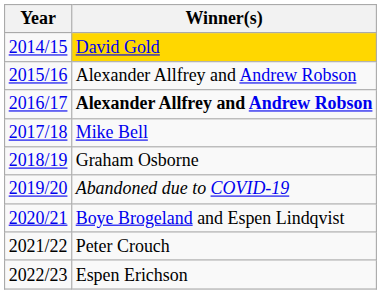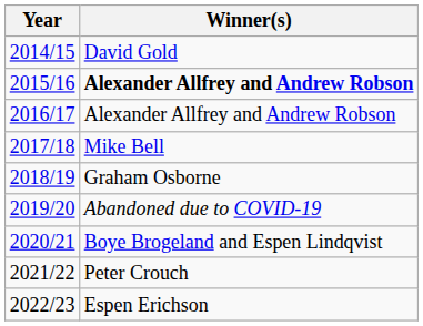 <table class="wikitable">
 <tr>
 <th>Year</th>
 <th>Winner(s)</th>
 </tr>
 <tr>
 <td><a href='#'>2014/15</a></td>
-<td style="background: gold;"><a href='#'>David Gold</a></td>
+<td><a href='#'>David Gold</a></td>
 </tr>
 <tr>
 <td><a href='#'>2015/16</a></td>
-<td>Alexander Allfrey and <a href='#'>Andrew Robson</a></td>
+<td><strong>Alexander Allfrey and <a href='#'>Andrew Robson</a></strong></td>
 </tr>
 <tr>
 <td><a href='#'>2016/17</a></td>
-<td><strong>Alexander Allfrey and <a href='#'>Andrew Robson</a></strong></td>
+<td>Alexander Allfrey and <a href='#'>Andrew Robson</a></td>
 </tr>
 <tr>
 <td><a href='#'>2017/18</a></td>
 <td><a href='#'>Mike Bell</a></td>
 </tr>
 <tr>
 <td><a href='#'>2018/19</a></td>
 <td>Graham Osborne</td>
 </tr>
 <tr>
 <td><a href='#'>2019/20</a></td>
 <td><em>Abandoned due to <a href='#'>COVID-19</a></em></td>
 </tr>
 <tr>
 <td><a href='#'>2020/21</a></td>
 <td><a href='#'>Boye Brogeland</a> and Espen Lindqvist</td>
 </tr>
 <tr>
 <td>2021/22</td>
 <td>Peter Crouch</td>
 </tr>
 <tr>
 <td>2022/23</td>
 <td>Espen Erichson</td>
 </tr>
 </table>
